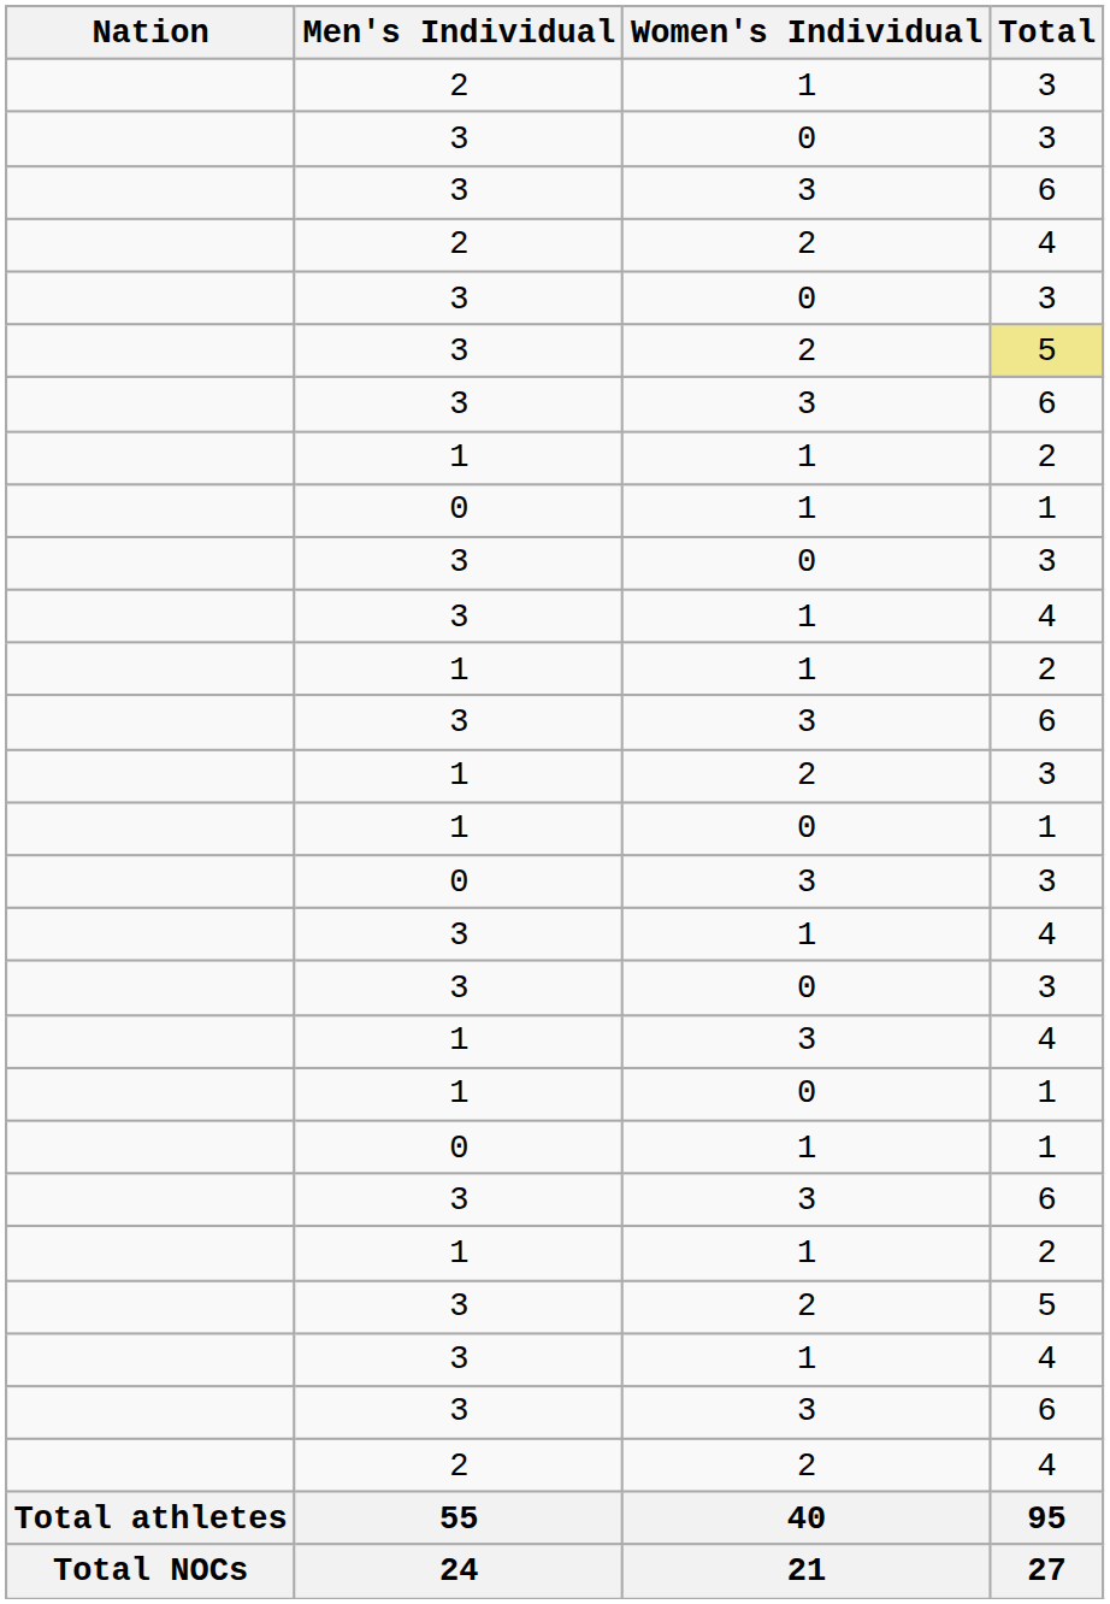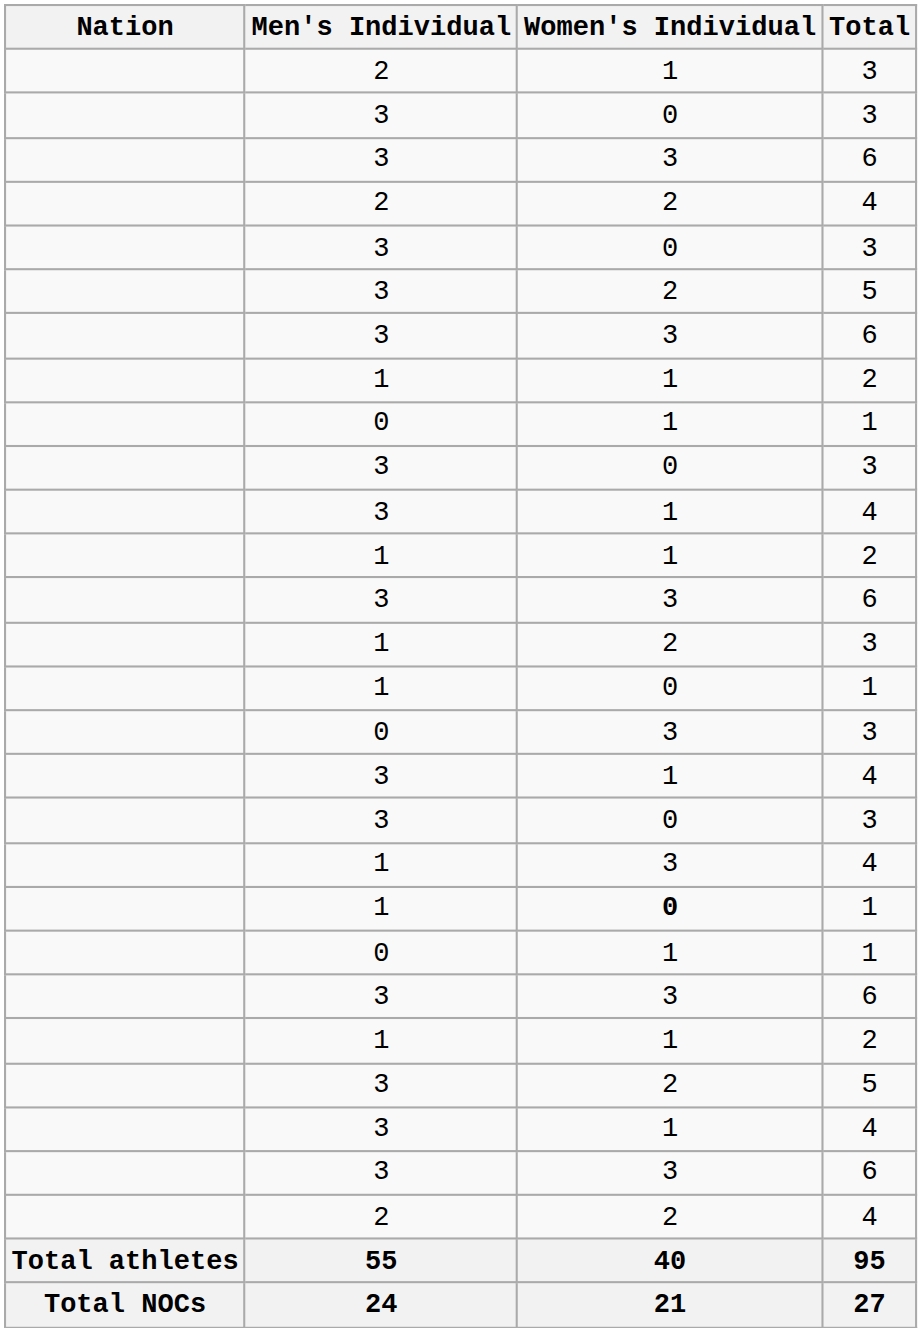 <table class="wikitable collapsible sortable" style="text-align:center">
 <tr>
 <th align=left>Nation</th>
 <th>Men's Individual</th>
 <th>Women's Individual</th>
 <th>Total</th>
 </tr>
 <tr>
 <td align=left></td>
 <td>2</td>
 <td>1</td>
 <td>3</td>
 </tr>
 <tr>
 <td align=left></td>
 <td>3</td>
 <td>0</td>
 <td>3</td>
 </tr>
 <tr>
 <td align=left></td>
 <td>3</td>
 <td>3</td>
 <td>6</td>
 </tr>
 <tr>
 <td align=left></td>
 <td>2</td>
 <td>2</td>
 <td>4</td>
 </tr>
 <tr>
 <td align=left></td>
 <td>3</td>
 <td>0</td>
 <td>3</td>
 </tr>
 <tr>
 <td align=left></td>
 <td>3</td>
 <td>2</td>
-<td style="background: khaki;">5</td>
+<td>5</td>
 </tr>
 <tr>
 <td align=left></td>
 <td>3</td>
 <td>3</td>
 <td>6</td>
 </tr>
 <tr>
 <td align=left></td>
 <td>1</td>
 <td>1</td>
 <td>2</td>
 </tr>
 <tr>
 <td align=left></td>
 <td>0</td>
 <td>1</td>
 <td>1</td>
 </tr>
 <tr>
 <td align=left></td>
 <td>3</td>
 <td>0</td>
 <td>3</td>
 </tr>
 <tr>
 <td align=left></td>
 <td>3</td>
 <td>1</td>
 <td>4</td>
 </tr>
 <tr>
 <td align=left></td>
 <td>1</td>
 <td>1</td>
 <td>2</td>
 </tr>
 <tr>
 <td align=left></td>
 <td>3</td>
 <td>3</td>
 <td>6</td>
 </tr>
 <tr>
 <td align=left></td>
 <td>1</td>
 <td>2</td>
 <td>3</td>
 </tr>
 <tr>
 <td align=left></td>
 <td>1</td>
 <td>0</td>
 <td>1</td>
 </tr>
 <tr>
 <td align=left></td>
 <td>0</td>
 <td>3</td>
 <td>3</td>
 </tr>
 <tr>
 <td align=left></td>
 <td>3</td>
 <td>1</td>
 <td>4</td>
 </tr>
 <tr>
 <td align=left></td>
 <td>3</td>
 <td>0</td>
 <td>3</td>
 </tr>
 <tr>
 <td align=left></td>
 <td>1</td>
 <td>3</td>
 <td>4</td>
 </tr>
 <tr>
 <td align=left></td>
 <td>1</td>
-<td>0</td>
+<td><strong>0</strong></td>
 <td>1</td>
 </tr>
 <tr>
 <td align=left></td>
 <td>0</td>
 <td>1</td>
 <td>1</td>
 </tr>
 <tr>
 <td align=left></td>
 <td>3</td>
 <td>3</td>
 <td>6</td>
 </tr>
 <tr>
 <td align=left></td>
 <td>1</td>
 <td>1</td>
 <td>2</td>
 </tr>
 <tr>
 <td align=left></td>
 <td>3</td>
 <td>2</td>
 <td>5</td>
 </tr>
 <tr>
 <td align=left></td>
 <td>3</td>
 <td>1</td>
 <td>4</td>
 </tr>
 <tr>
 <td align=left></td>
 <td>3</td>
 <td>3</td>
 <td>6</td>
 </tr>
 <tr>
 <td align=left></td>
 <td>2</td>
 <td>2</td>
 <td>4</td>
 </tr>
 <tr class="sortbottom">
 <th>Total athletes</th>
 <th>55</th>
 <th>40</th>
 <th>95</th>
 </tr>
 <tr class="sortbottom">
 <th>Total  NOCs</th>
 <th>24</th>
 <th>21</th>
 <th>27</th>
 </tr>
 <tr>
 </tr>
 </table>
